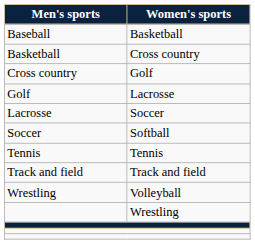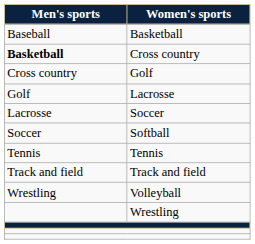 <table class="wikitable"; style= "text-align: ">
 <tr>
 <th width= 150px style="background:#0A2240; color:white; border:1px solid #CEBA88">Men's sports</th>
 <th width= 150px style="background:#0A2240; color:white; border:1px solid #CEBA88">Women's sports</th>
 </tr>
 <tr>
 <td>Baseball</td>
 <td>Basketball</td>
 </tr>
 <tr>
-<td>Basketball</td>
+<td><strong>Basketball</strong></td>
 <td>Cross country</td>
 </tr>
 <tr>
 <td>Cross country</td>
 <td>Golf</td>
 </tr>
 <tr>
 <td>Golf</td>
 <td>Lacrosse</td>
 </tr>
 <tr>
 <td>Lacrosse</td>
 <td>Soccer</td>
 </tr>
 <tr>
 <td>Soccer</td>
 <td>Softball</td>
 </tr>
 <tr>
 <td>Tennis</td>
 <td>Tennis</td>
 </tr>
 <tr>
 <td>Track and field</td>
 <td>Track and field</td>
 </tr>
 <tr>
 <td>Wrestling</td>
 <td>Volleyball</td>
 </tr>
 <tr>
 <td></td>
 <td>Wrestling</td>
 </tr>
 <tr>
 <th colspan=2 style="background:#0A2240; color:white; border:1px solid #CEBA88"></th>
 </tr>
 <tr>
 <td colspan=2></td>
 </tr>
 <tr>
 <td colspan=2></td>
 </tr>
 </table>
